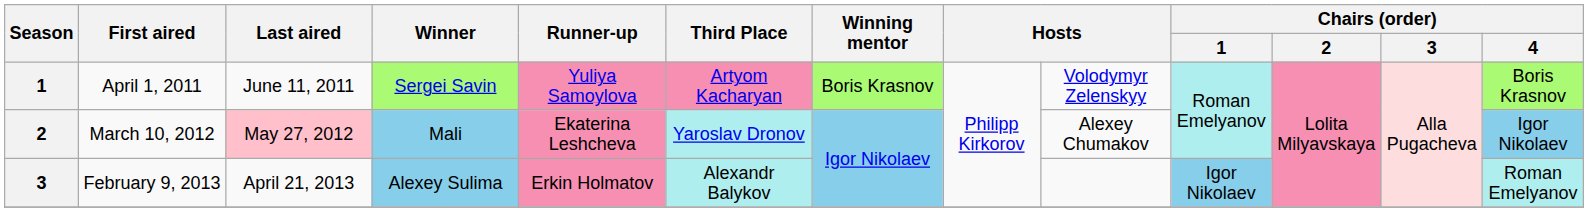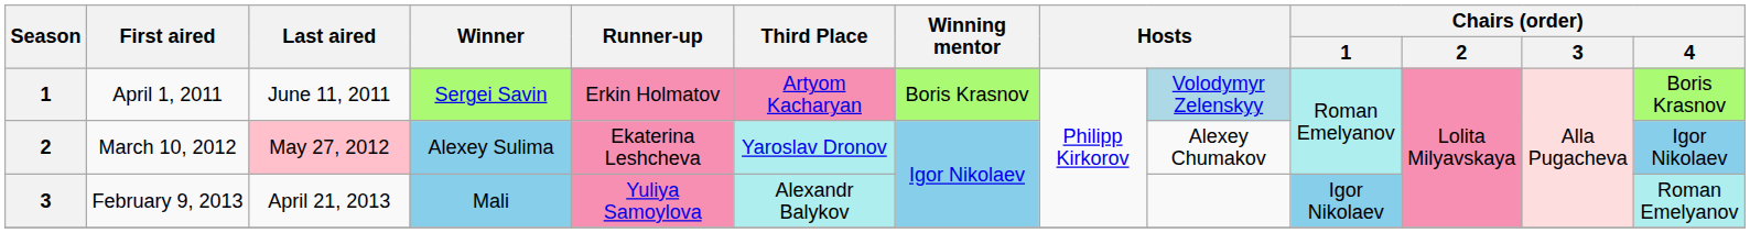 <table class="wikitable" style="text-align:center; font-size:90%; line-height:16px; width:100%;">
 <tr>
 <th width="3%" rowspan="2" scope="col">Season</th>
 <th width="9%" rowspan="2" scope="col">First aired</th>
 <th width="9%" rowspan="2" scope="col">Last aired</th>
 <th rowspan=2 scope="col" width="9%">Winner</th>
 <th rowspan=2 scope="col" width="9%">Runner-up</th>
 <th rowspan=2 scope="col" width="9%">Third Place</th>
 <th rowspan=2 scope="col" width="8%">Winning mentor</th>
 <th rowspan=2 scope="col" width="14%" colspan=2>Hosts</th>
 <th colspan=4 scope="col" width="24%">Chairs (order)</th>
 </tr>
 <tr>
 <th width="6%">1</th>
 <th width="6%">2</th>
 <th width="6%">3</th>
 <th width="6%">4</th>
 </tr>
 <tr>
 <th>1</th>
 <td>April 1, 2011</td>
 <td>June 11, 2011</td>
 <td style="background:#aafa73;"><a href='#'>Sergei Savin</a></td>
-<td style="background:#f78fb2;"><a href='#'>Yuliya Samoylova</a></td>
+<td style="background:#f78fb2;">Erkin Holmatov</td>
 <td style="background:#f78fb2;"><a href='#'>Artyom Kacharyan</a></td>
 <td style="background:#aafa73;">Boris Krasnov</td>
 <td rowspan=3><a href='#'>Philipp Kirkorov</a></td>
-<td><a href='#'>Volodymyr Zelenskyy</a></td>
+<td style="background: lightblue;"><a href='#'>Volodymyr Zelenskyy</a></td>
 <td rowspan=2 style="background:#afeeee;">Roman Emelyanov</td>
 <td rowspan=3 style="background:#f78fb2;">Lolita Milyavskaya</td>
 <td rowspan=3 style="background:#fddddd;">Alla Pugacheva</td>
 <td rowspan=1 style="background:#aafa73">Boris Krasnov</td>
 </tr>
 <tr>
 <th>2</th>
 <td>March 10, 2012</td>
 <td style="background: pink;">May 27, 2012</td>
-<td style="background:#87ceeb;">Mali</td>
+<td style="background:#87ceeb;">Alexey Sulima</td>
 <td style="background:#f78fb2;">Ekaterina Leshcheva</td>
 <td style="background:#afeeee;"><a href='#'>Yaroslav Dronov</a></td>
 <td rowspan=2 style="background:#87ceeb"><a href='#'>Igor Nikolaev</a></td>
 <td>Alexey Chumakov</td>
 <td style="background:#87ceeb">Igor Nikolaev</td>
 </tr>
 <tr>
 <th>3</th>
 <td>February 9, 2013</td>
 <td>April 21, 2013</td>
-<td style="background:#87ceeb;">Alexey Sulima</td>
-<td style="background:#f78fb2;">Erkin Holmatov</td>
+<td style="background:#87ceeb;">Mali</td>
+<td style="background:#f78fb2;"><a href='#'>Yuliya Samoylova</a></td>
 <td style="background:#afeeee;">Alexandr Balykov</td>
 <td></td>
 <td style="background:#87ceeb">Igor Nikolaev</td>
 <td style="background:#afeeee;">Roman Emelyanov</td>
 </tr>
 <tr>
 </tr>
 </table>
